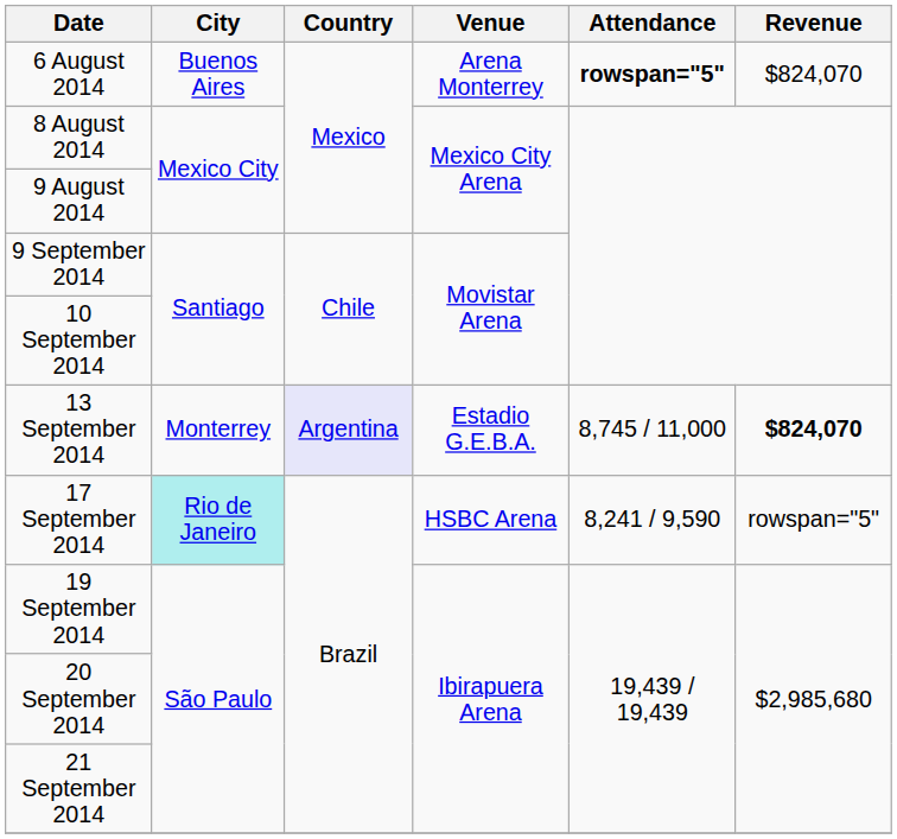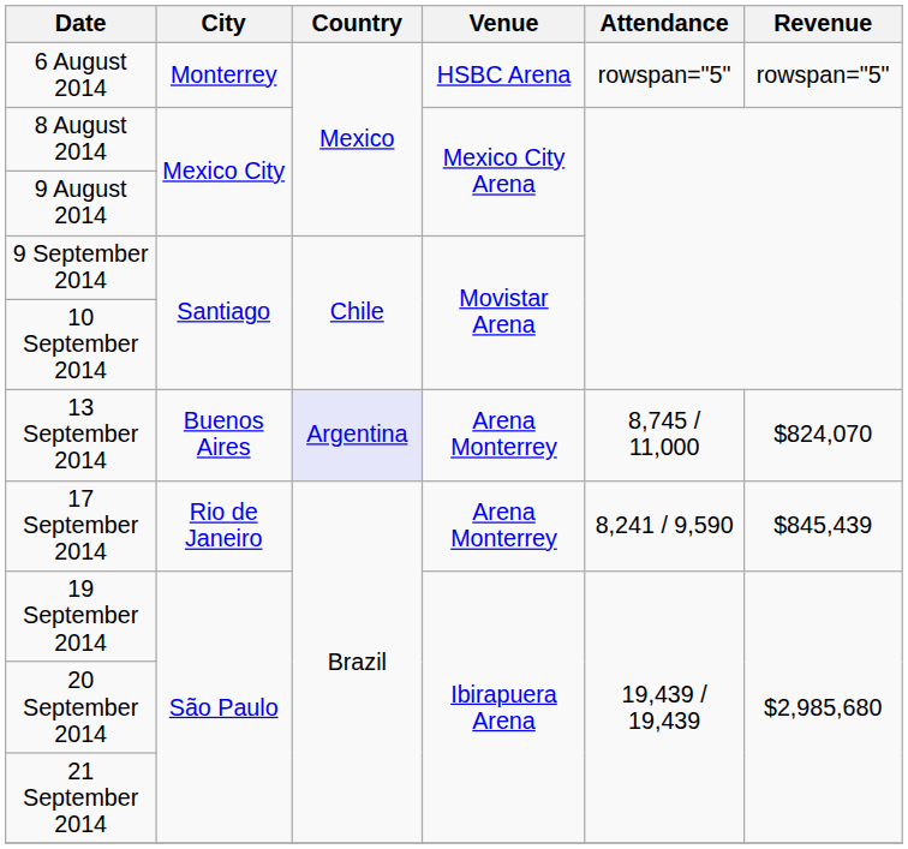 <table class="wikitable" style="text-align:center;">
 <tr>
 <th scope="col" style="width:12em;">Date</th>
 <th scope="col" style="width:10em;">City</th>
 <th scope="col" style="width:10em;">Country</th>
 <th scope="col" style="width:18em;">Venue</th>
 <th scope="col" style="width:10em;">Attendance</th>
 <th scope="col" style="width:10em;">Revenue</th>
 </tr>
 <tr>
 <td>6 August 2014</td>
-<td><a href='#'>Buenos Aires</a></td>
+<td><a href='#'>Monterrey</a></td>
 <td rowspan="3"><a href='#'>Mexico</a></td>
-<td><a href='#'>Arena Monterrey</a></td>
-<td><strong>rowspan="5" </strong></td>
-<td>$824,070</td>
+<td><a href='#'>HSBC Arena</a></td>
+<td>rowspan="5" </td>
+<td>rowspan="5" </td>
 </tr>
 <tr>
 <td>8 August 2014</td>
 <td rowspan="2"><a href='#'>Mexico City</a></td>
 <td rowspan="2"><a href='#'>Mexico City Arena</a></td>
 </tr>
 <tr>
 <td>9 August 2014</td>
 </tr>
 <tr>
 <td>9 September 2014</td>
 <td rowspan="2"><a href='#'>Santiago</a></td>
 <td rowspan="2"><a href='#'>Chile</a></td>
 <td rowspan="2"><a href='#'>Movistar Arena</a></td>
 </tr>
 <tr>
 <td>10 September 2014</td>
 </tr>
 <tr>
 <td>13 September 2014</td>
-<td><a href='#'>Monterrey</a></td>
+<td><a href='#'>Buenos Aires</a></td>
 <td style="background: lavender;"><a href='#'>Argentina</a></td>
-<td><a href='#'>Estadio G.E.B.A.</a></td>
+<td><a href='#'>Arena Monterrey</a></td>
 <td>8,745 / 11,000</td>
-<td><strong>$824,070</strong></td>
+<td>$824,070</td>
 </tr>
 <tr>
 <td>17 September 2014</td>
-<td style="background: paleturquoise;"><a href='#'>Rio de Janeiro</a></td>
+<td><a href='#'>Rio de Janeiro</a></td>
 <td rowspan="4">Brazil</td>
-<td><a href='#'>HSBC Arena</a></td>
+<td><a href='#'>Arena Monterrey</a></td>
 <td>8,241 / 9,590</td>
-<td>rowspan="5" </td>
+<td>$845,439</td>
 </tr>
 <tr>
 <td>19 September 2014</td>
 <td rowspan="3"><a href='#'>São Paulo</a></td>
 <td rowspan="3"><a href='#'>Ibirapuera Arena</a></td>
 <td rowspan="3">19,439 / 19,439</td>
 <td rowspan="3">$2,985,680</td>
 </tr>
 <tr>
 <td>20 September 2014</td>
 </tr>
 <tr>
 <td>21 September 2014</td>
 </tr>
 <tr>
 </tr>
 </table>
